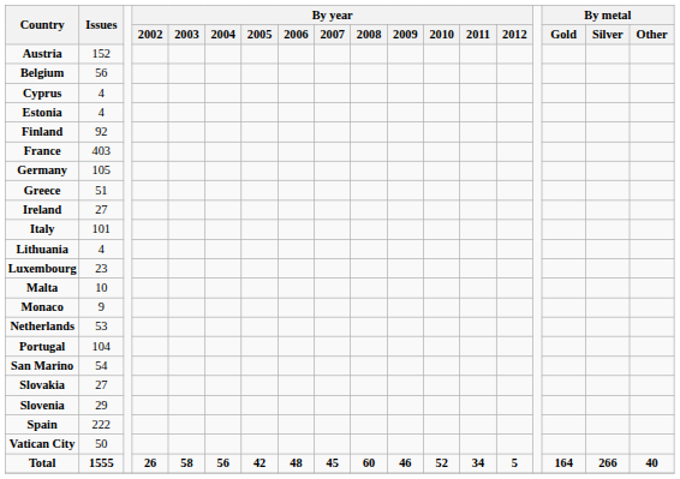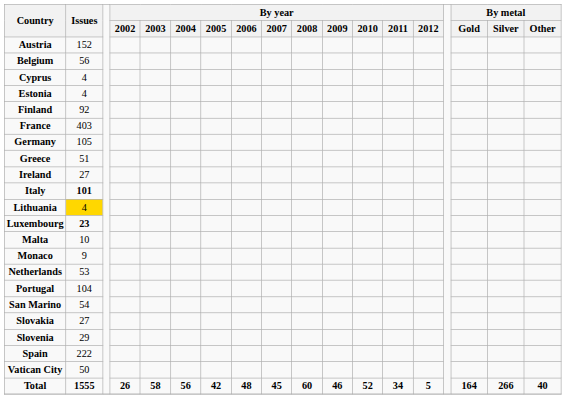 <table class="wikitable" style="text-align: center;">
 <tr>
 <th rowspan=2  width=50px>Country</th>
 <th rowspan=2  width=50px>Issues</th>
 <td rowspan=24> </td>
 <th colspan=11>By year</th>
 <td rowspan=24> </td>
 <th colspan=3>By metal</th>
 </tr>
 <tr>
 <th width=40px>2002</th>
 <th width=40px>2003</th>
 <th width=40px>2004</th>
 <th width=40px>2005</th>
 <th width=40px>2006</th>
 <th width=40px>2007</th>
 <th width=40px>2008</th>
 <th width=40px>2009</th>
 <th width=40px>2010</th>
 <th width=40px>2011</th>
 <th width=40px>2012</th>
 <th width=50px>Gold</th>
 <th width=50px>Silver</th>
 <th width=50px>Other</th>
 </tr>
 <tr>
 <td style="text-align: center;"><strong>Austria</strong></td>
 <td>152</td>
 <td></td>
 <td></td>
 <td></td>
 <td></td>
 <td></td>
 <td></td>
 <td></td>
 <td></td>
 <td></td>
 <td></td>
 <td></td>
 <td></td>
 <td></td>
 <td></td>
 </tr>
 <tr>
 <td style="text-align: center;"><strong>Belgium</strong></td>
 <td>56</td>
 <td></td>
 <td></td>
 <td></td>
 <td></td>
 <td></td>
 <td></td>
 <td></td>
 <td></td>
 <td></td>
 <td></td>
 <td></td>
 <td></td>
 <td></td>
 <td></td>
 </tr>
 <tr>
 <td style="text-align: center;"><strong>Cyprus</strong></td>
 <td>4</td>
 <td></td>
 <td></td>
 <td></td>
 <td></td>
 <td></td>
 <td></td>
 <td></td>
 <td></td>
 <td></td>
 <td></td>
 <td></td>
 <td></td>
 <td></td>
 <td></td>
 </tr>
 <tr>
 <td style="text-align: center;"><strong>Estonia</strong></td>
 <td>4</td>
 <td></td>
 <td></td>
 <td></td>
 <td></td>
 <td></td>
 <td></td>
 <td></td>
 <td></td>
 <td></td>
 <td></td>
 <td></td>
 <td></td>
 <td></td>
 <td></td>
 </tr>
 <tr>
 <td style="text-align: center;"><strong>Finland</strong></td>
 <td>92</td>
 <td></td>
 <td></td>
 <td></td>
 <td></td>
 <td></td>
 <td></td>
 <td></td>
 <td></td>
 <td></td>
 <td></td>
 <td></td>
 <td></td>
 <td></td>
 <td></td>
 </tr>
 <tr>
 <td style="text-align: center;"><strong>France</strong></td>
 <td>403</td>
 <td></td>
 <td></td>
 <td></td>
 <td></td>
 <td></td>
 <td></td>
 <td></td>
 <td></td>
 <td></td>
 <td></td>
 <td></td>
 <td></td>
 <td></td>
 <td></td>
 </tr>
 <tr>
 <td style="text-align: center;"><strong>Germany</strong></td>
 <td>105</td>
 <td></td>
 <td></td>
 <td></td>
 <td></td>
 <td></td>
 <td></td>
 <td></td>
 <td></td>
 <td></td>
 <td></td>
 <td></td>
 <td></td>
 <td></td>
 <td></td>
 </tr>
 <tr>
 <td style="text-align: center;"><strong>Greece</strong></td>
 <td>51</td>
 <td></td>
 <td></td>
 <td></td>
 <td></td>
 <td></td>
 <td></td>
 <td></td>
 <td></td>
 <td></td>
 <td></td>
 <td></td>
 <td></td>
 <td></td>
 <td></td>
 </tr>
 <tr>
 <td style="text-align: center;"><strong>Ireland</strong></td>
 <td>27</td>
 <td></td>
 <td></td>
 <td></td>
 <td></td>
 <td></td>
 <td></td>
 <td></td>
 <td></td>
 <td></td>
 <td></td>
 <td></td>
 <td></td>
 <td></td>
 <td></td>
 </tr>
 <tr>
 <td style="text-align: center;"><strong>Italy</strong></td>
-<td>101</td>
+<td><strong>101</strong></td>
 <td></td>
 <td></td>
 <td></td>
 <td></td>
 <td></td>
 <td></td>
 <td></td>
 <td></td>
 <td></td>
 <td></td>
 <td></td>
 <td></td>
 <td></td>
 <td></td>
 </tr>
 <tr>
 <td style="text-align: center;"><strong>Lithuania</strong></td>
-<td>4</td>
+<td style="background: gold;">4</td>
 <td></td>
 <td></td>
 <td></td>
 <td></td>
 <td></td>
 <td></td>
 <td></td>
 <td></td>
 <td></td>
 <td></td>
 <td></td>
 <td></td>
 <td></td>
 <td></td>
 </tr>
 <tr>
 <td style="text-align: center;"><strong>Luxembourg</strong></td>
-<td>23</td>
+<td><strong>23</strong></td>
 <td></td>
 <td></td>
 <td></td>
 <td></td>
 <td></td>
 <td></td>
 <td></td>
 <td></td>
 <td></td>
 <td></td>
 <td></td>
 <td></td>
 <td></td>
 <td></td>
 </tr>
 <tr>
 <td style="text-align: center;"><strong>Malta</strong></td>
 <td>10</td>
 <td></td>
 <td></td>
 <td></td>
 <td></td>
 <td></td>
 <td></td>
 <td></td>
 <td></td>
 <td></td>
 <td></td>
 <td></td>
 <td></td>
 <td></td>
 <td></td>
 </tr>
 <tr>
 <td style="text-align: center;"><strong>Monaco</strong></td>
 <td>9</td>
 <td></td>
 <td></td>
 <td></td>
 <td></td>
 <td></td>
 <td></td>
 <td></td>
 <td></td>
 <td></td>
 <td></td>
 <td></td>
 <td></td>
 <td></td>
 <td></td>
 </tr>
 <tr>
 <td style="text-align: center;"><strong>Netherlands</strong></td>
 <td>53</td>
 <td></td>
 <td></td>
 <td></td>
 <td></td>
 <td></td>
 <td></td>
 <td></td>
 <td></td>
 <td></td>
 <td></td>
 <td></td>
 <td></td>
 <td></td>
 <td></td>
 </tr>
 <tr>
 <td style="text-align: center;"><strong>Portugal</strong></td>
 <td>104</td>
 <td></td>
 <td></td>
 <td></td>
 <td></td>
 <td></td>
 <td></td>
 <td></td>
 <td></td>
 <td></td>
 <td></td>
 <td></td>
 <td></td>
 <td></td>
 <td></td>
 </tr>
 <tr>
 <td style="text-align: center;"><strong>San Marino</strong></td>
 <td>54</td>
 <td></td>
 <td></td>
 <td></td>
 <td></td>
 <td></td>
 <td></td>
 <td></td>
 <td></td>
 <td></td>
 <td></td>
 <td></td>
 <td></td>
 <td></td>
 <td></td>
 </tr>
 <tr>
 <td style="text-align: center;"><strong>Slovakia</strong></td>
 <td>27</td>
 <td></td>
 <td></td>
 <td></td>
 <td></td>
 <td></td>
 <td></td>
 <td></td>
 <td></td>
 <td></td>
 <td></td>
 <td></td>
 <td></td>
 <td></td>
 <td></td>
 </tr>
 <tr>
 <td style="text-align: center;"><strong>Slovenia</strong></td>
 <td>29</td>
 <td></td>
 <td></td>
 <td></td>
 <td></td>
 <td></td>
 <td></td>
 <td></td>
 <td></td>
 <td></td>
 <td></td>
 <td></td>
 <td></td>
 <td></td>
 <td></td>
 </tr>
 <tr>
 <td style="text-align: center;"><strong>Spain</strong></td>
 <td>222</td>
 <td></td>
 <td></td>
 <td></td>
 <td></td>
 <td></td>
 <td></td>
 <td></td>
 <td></td>
 <td></td>
 <td></td>
 <td></td>
 <td></td>
 <td></td>
 <td></td>
 </tr>
 <tr>
 <td style="text-align: center;"><strong>Vatican City</strong></td>
 <td>50</td>
 <td></td>
 <td></td>
 <td></td>
 <td></td>
 <td></td>
 <td></td>
 <td></td>
 <td></td>
 <td></td>
 <td></td>
 <td></td>
 <td></td>
 <td></td>
 <td></td>
 </tr>
 <tr>
 <td style="text-align: center;"><strong>Total</strong></td>
 <td><strong>1555</strong></td>
 <td><strong>26</strong></td>
 <td><strong>58</strong></td>
 <td><strong>56</strong></td>
 <td><strong>42</strong></td>
 <td><strong>48</strong></td>
 <td><strong>45</strong></td>
 <td><strong>60</strong></td>
 <td><strong>46</strong></td>
 <td><strong>52</strong></td>
 <td><strong>34</strong></td>
 <td><strong>5</strong></td>
 <td><strong>164</strong></td>
 <td><strong>266</strong></td>
 <td><strong>40</strong></td>
 </tr>
 <tr>
 </tr>
 </table>
